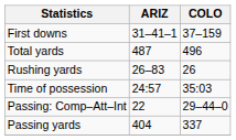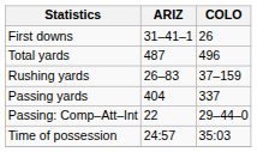 <table class="wikitable" style="float: left;">
 <tr>
 <th>Statistics</th>
 <th>ARIZ</th>
 <th>COLO</th>
 </tr>
 <tr>
 <td>First downs</td>
 <td>31–41–1</td>
-<td>37–159</td>
+<td>26</td>
 </tr>
 <tr>
 <td>Total yards</td>
 <td>487</td>
 <td>496</td>
 </tr>
 <tr>
 <td>Rushing yards</td>
 <td>26–83</td>
-<td>26</td>
+<td>37–159</td>
+</tr>
+<tr>
+<td>Passing yards</td>
+<td>404</td>
+<td>337</td>
+</tr>
+<tr>
+<td>Passing: Comp–Att–Int</td>
+<td>22</td>
+<td>29–44–0</td>
 </tr>
 <tr>
 <td>Time of possession</td>
 <td>24:57</td>
 <td>35:03</td>
 </tr>
 <tr>
-<td>Passing: Comp–Att–Int</td>
-<td>22</td>
-<td>29–44–0</td>
-</tr>
-<tr>
-<td>Passing yards</td>
-<td>404</td>
-<td>337</td>
-</tr>
-<tr>
 </tr>
 </table>
